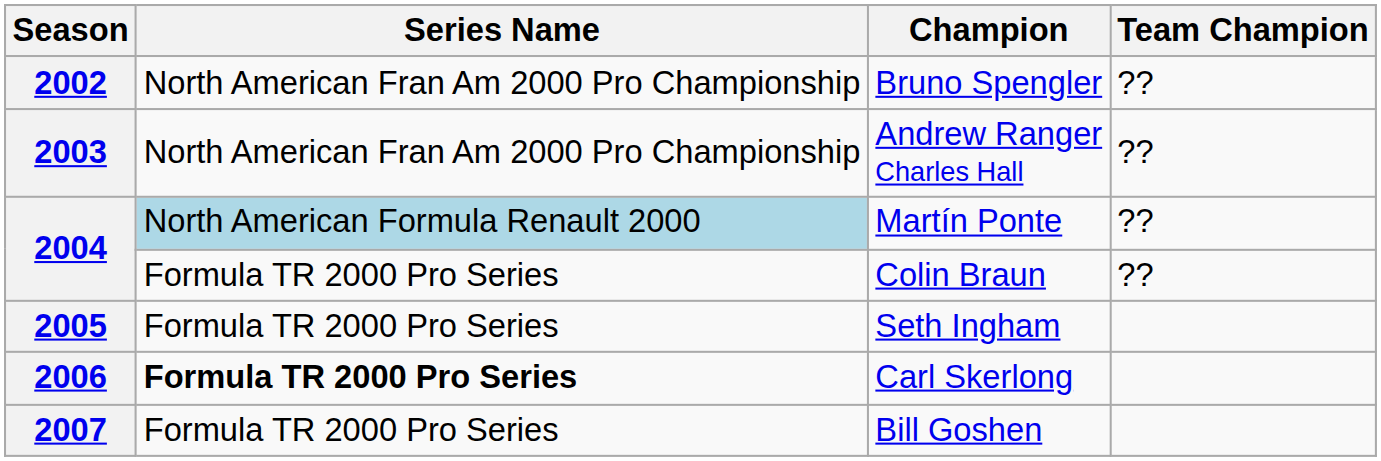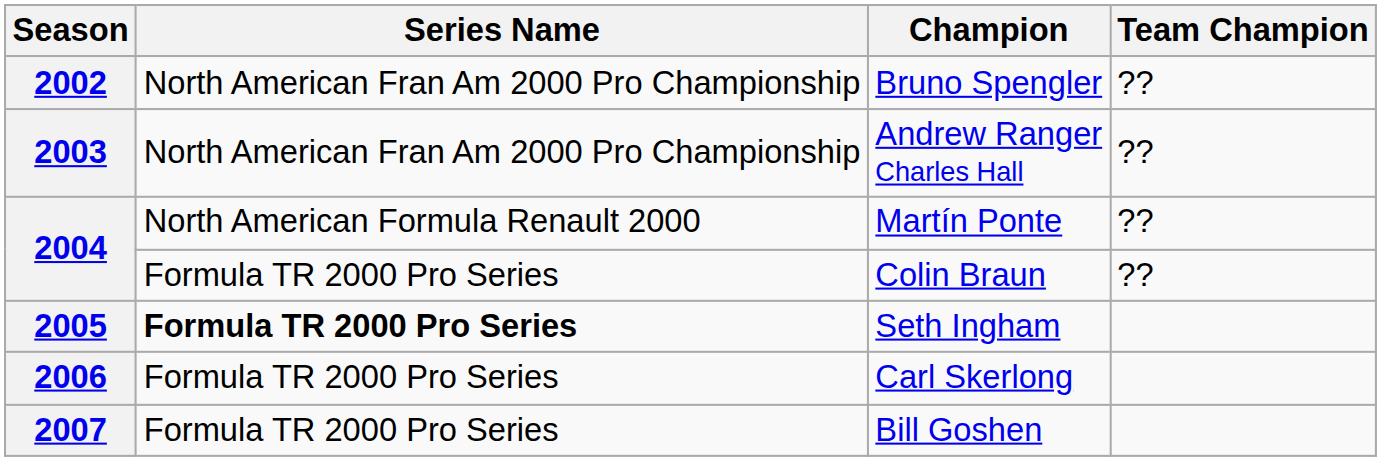 <table class="wikitable">
 <tr>
 <th>Season</th>
 <th>Series Name</th>
 <th>Champion</th>
 <th>Team Champion</th>
 </tr>
 <tr>
 <th><a href='#'>2002</a></th>
 <td>North American Fran Am 2000 Pro Championship</td>
 <td> <a href='#'>Bruno Spengler</a></td>
 <td> ??</td>
 </tr>
 <tr>
 <th><a href='#'>2003</a></th>
 <td>North American Fran Am 2000 Pro Championship</td>
 <td> <a href='#'>Andrew Ranger</a><br><small> <a href='#'>Charles Hall</a></small></td>
 <td> ??</td>
 </tr>
 <tr>
 <th rowspan=2><a href='#'>2004</a></th>
-<td style="background: lightblue;">North American Formula Renault 2000</td>
+<td>North American Formula Renault 2000</td>
 <td> <a href='#'>Martín Ponte</a></td>
 <td> ??</td>
 </tr>
 <tr>
 <td>Formula TR 2000 Pro Series</td>
 <td> <a href='#'>Colin Braun</a></td>
 <td> ??</td>
 </tr>
 <tr>
 <th><a href='#'>2005</a></th>
-<td>Formula TR 2000 Pro Series</td>
+<td><strong>Formula TR 2000 Pro Series</strong></td>
 <td> <a href='#'>Seth Ingham</a></td>
 <td></td>
 </tr>
 <tr>
 <th><a href='#'>2006</a></th>
-<td><strong>Formula TR 2000 Pro Series</strong></td>
+<td>Formula TR 2000 Pro Series</td>
 <td> <a href='#'>Carl Skerlong</a></td>
 <td></td>
 </tr>
 <tr>
 <th><a href='#'>2007</a></th>
 <td>Formula TR 2000 Pro Series</td>
 <td> <a href='#'>Bill Goshen</a></td>
 <td></td>
 </tr>
 </table>
